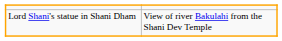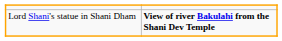 <table class="wikitable"  style="width:30%; float:right; font-size:80%; border:2px solid orange;">
 <tr>
 <td style="width:30%; text-align:center;"></td>
 <td style="width:30%; text-align:center;"></td>
 </tr>
 <tr>
 <td valign="top">Lord <a href='#'>Shani</a>'s statue in Shani Dham</td>
-<td valign="top">View of river <a href='#'>Bakulahi</a> from the Shani Dev Temple</td>
+<td valign="top"><strong>View of river <a href='#'>Bakulahi</a> from the Shani Dev Temple</strong></td>
 </tr>
 </table>
